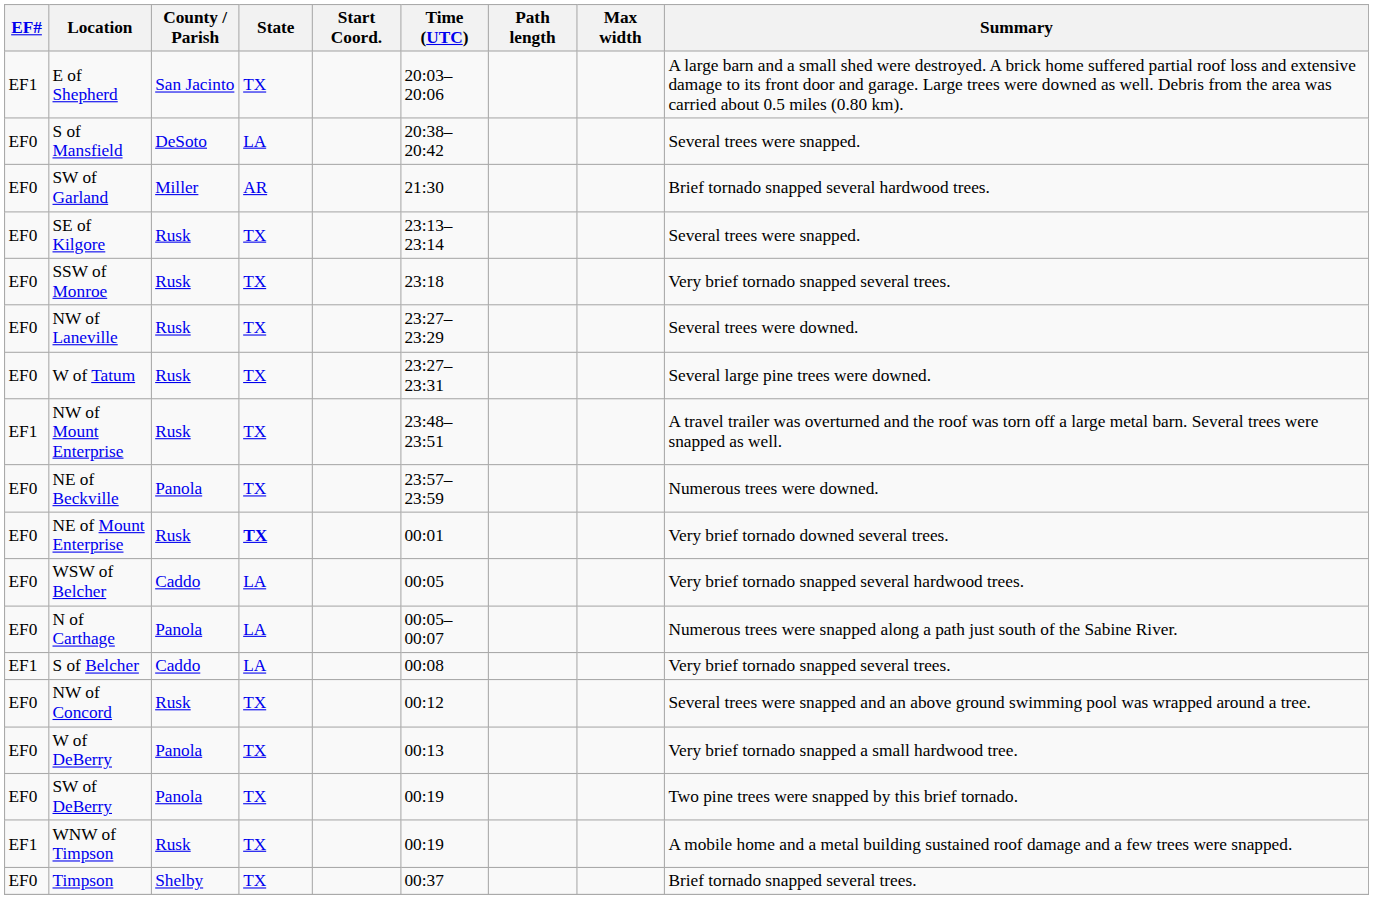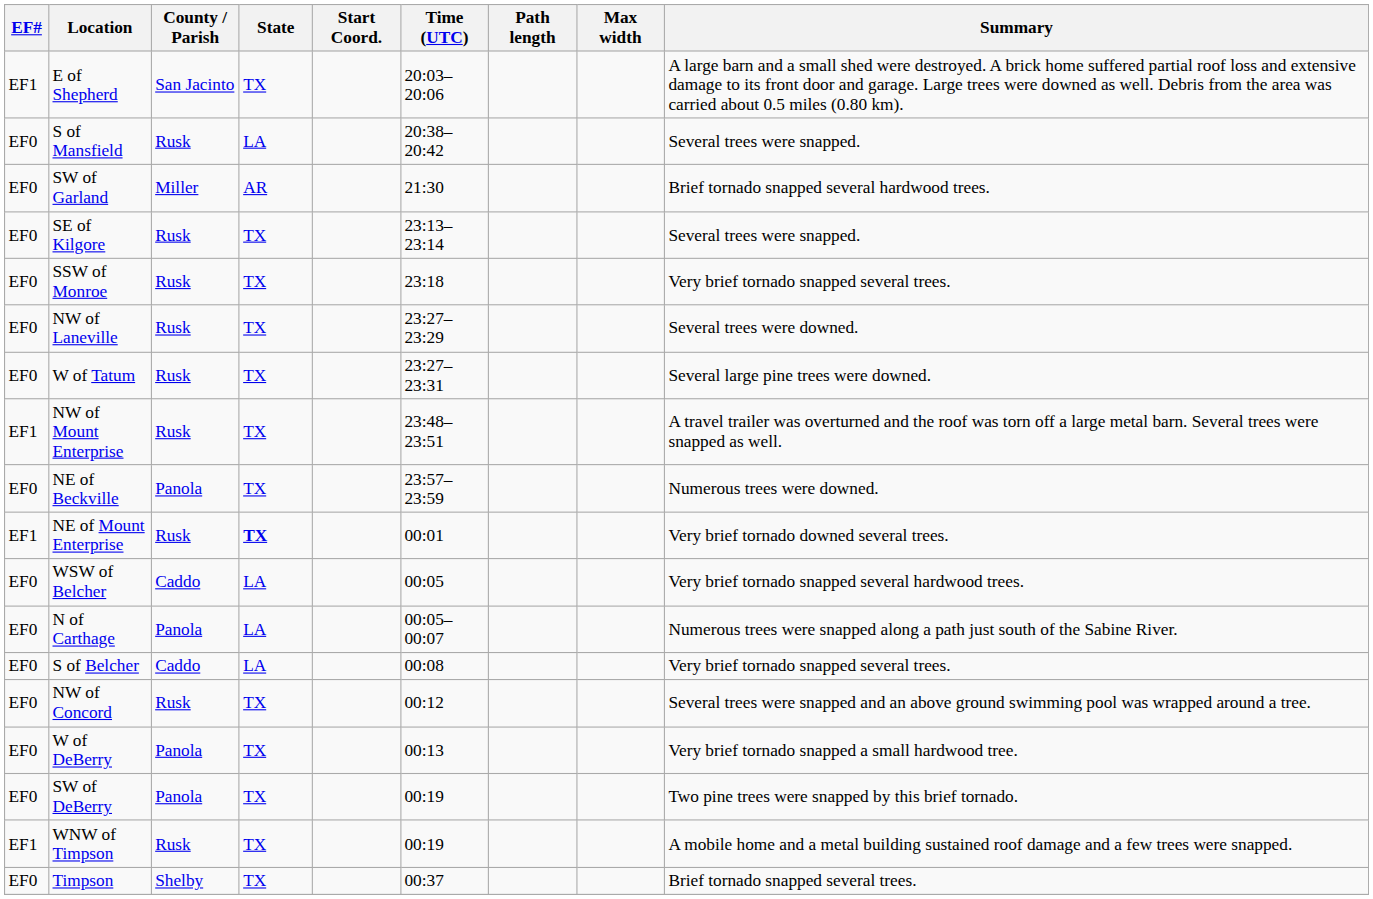 <table class="wikitable sortable" style="width:100%;">
 <tr>
 <th scope="col"  style="width:3%; text-align:center;"><a href='#'>EF#</a></th>
 <th scope="col"  style="width:7%; text-align:center;" class="unsortable">Location</th>
 <th scope="col"  style="width:6%; text-align:center;" class="unsortable">County / Parish</th>
 <th scope="col"  style="width:5%; text-align:center;">State</th>
 <th scope="col"  style="width:6%; text-align:center;">Start Coord.</th>
 <th scope="col"  style="width:6%; text-align:center;">Time (<a href='#'>UTC</a>)</th>
 <th scope="col"  style="width:6%; text-align:center;">Path length</th>
 <th scope="col"  style="width:6%; text-align:center;">Max width</th>
 <th scope="col" class="unsortable" style="width:48%; text-align:center;">Summary</th>
 </tr>
 <tr>
 <td>EF1</td>
 <td>E of <a href='#'>Shepherd</a></td>
 <td><a href='#'>San Jacinto</a></td>
 <td><a href='#'>TX</a></td>
 <td></td>
 <td>20:03–20:06</td>
 <td></td>
 <td></td>
 <td>A large barn and a small shed were destroyed. A brick home suffered partial roof loss and extensive damage to its front door and garage. Large trees were downed as well. Debris from the area was carried about 0.5 miles (0.80 km).</td>
 </tr>
 <tr>
 <td>EF0</td>
 <td>S of <a href='#'>Mansfield</a></td>
-<td><a href='#'>DeSoto</a></td>
+<td><a href='#'>Rusk</a></td>
 <td><a href='#'>LA</a></td>
 <td></td>
 <td>20:38–20:42</td>
 <td></td>
 <td></td>
 <td>Several trees were snapped.</td>
 </tr>
 <tr>
 <td>EF0</td>
 <td>SW of <a href='#'>Garland</a></td>
 <td><a href='#'>Miller</a></td>
 <td><a href='#'>AR</a></td>
 <td></td>
 <td>21:30</td>
 <td></td>
 <td></td>
 <td>Brief tornado snapped several hardwood trees.</td>
 </tr>
 <tr>
 <td>EF0</td>
 <td>SE of <a href='#'>Kilgore</a></td>
 <td><a href='#'>Rusk</a></td>
 <td><a href='#'>TX</a></td>
 <td></td>
 <td>23:13–23:14</td>
 <td></td>
 <td></td>
 <td>Several trees were snapped.</td>
 </tr>
 <tr>
 <td>EF0</td>
 <td>SSW of <a href='#'>Monroe</a></td>
 <td><a href='#'>Rusk</a></td>
 <td><a href='#'>TX</a></td>
 <td></td>
 <td>23:18</td>
 <td></td>
 <td></td>
 <td>Very brief tornado snapped several trees.</td>
 </tr>
 <tr>
 <td>EF0</td>
 <td>NW of <a href='#'>Laneville</a></td>
 <td><a href='#'>Rusk</a></td>
 <td><a href='#'>TX</a></td>
 <td></td>
 <td>23:27–23:29</td>
 <td></td>
 <td></td>
 <td>Several trees were downed.</td>
 </tr>
 <tr>
 <td>EF0</td>
 <td>W of <a href='#'>Tatum</a></td>
 <td><a href='#'>Rusk</a></td>
 <td><a href='#'>TX</a></td>
 <td></td>
 <td>23:27–23:31</td>
 <td></td>
 <td></td>
 <td>Several large pine trees were downed.</td>
 </tr>
 <tr>
 <td>EF1</td>
 <td>NW of <a href='#'>Mount Enterprise</a></td>
 <td><a href='#'>Rusk</a></td>
 <td><a href='#'>TX</a></td>
 <td></td>
 <td>23:48–23:51</td>
 <td></td>
 <td></td>
 <td>A travel trailer was overturned and the roof was torn off a large metal barn. Several trees were snapped as well.</td>
 </tr>
 <tr>
 <td>EF0</td>
 <td>NE of <a href='#'>Beckville</a></td>
 <td><a href='#'>Panola</a></td>
 <td><a href='#'>TX</a></td>
 <td></td>
 <td>23:57–23:59</td>
 <td></td>
 <td></td>
 <td>Numerous trees were downed.</td>
 </tr>
 <tr>
-<td>EF0</td>
+<td>EF1</td>
 <td>NE of <a href='#'>Mount Enterprise</a></td>
 <td><a href='#'>Rusk</a></td>
 <td><strong><a href='#'>TX</a></strong></td>
 <td></td>
 <td>00:01</td>
 <td></td>
 <td></td>
 <td>Very brief tornado downed several trees.</td>
 </tr>
 <tr>
 <td>EF0</td>
 <td>WSW of <a href='#'>Belcher</a></td>
 <td><a href='#'>Caddo</a></td>
 <td><a href='#'>LA</a></td>
 <td></td>
 <td>00:05</td>
 <td></td>
 <td></td>
 <td>Very brief tornado snapped several hardwood trees.</td>
 </tr>
 <tr>
 <td>EF0</td>
 <td>N of <a href='#'>Carthage</a></td>
 <td><a href='#'>Panola</a></td>
 <td><a href='#'>LA</a></td>
 <td></td>
 <td>00:05–00:07</td>
 <td></td>
 <td></td>
 <td>Numerous trees were snapped along a path just south of the Sabine River.</td>
 </tr>
 <tr>
-<td>EF1</td>
+<td>EF0</td>
 <td>S of <a href='#'>Belcher</a></td>
 <td><a href='#'>Caddo</a></td>
 <td><a href='#'>LA</a></td>
 <td></td>
 <td>00:08</td>
 <td></td>
 <td></td>
 <td>Very brief tornado snapped several trees.</td>
 </tr>
 <tr>
 <td>EF0</td>
 <td>NW of <a href='#'>Concord</a></td>
 <td><a href='#'>Rusk</a></td>
 <td><a href='#'>TX</a></td>
 <td></td>
 <td>00:12</td>
 <td></td>
 <td></td>
 <td>Several trees were snapped and an above ground swimming pool was wrapped around a tree.</td>
 </tr>
 <tr>
 <td>EF0</td>
 <td>W of <a href='#'>DeBerry</a></td>
 <td><a href='#'>Panola</a></td>
 <td><a href='#'>TX</a></td>
 <td></td>
 <td>00:13</td>
 <td></td>
 <td></td>
 <td>Very brief tornado snapped a small hardwood tree.</td>
 </tr>
 <tr>
 <td>EF0</td>
 <td>SW of <a href='#'>DeBerry</a></td>
 <td><a href='#'>Panola</a></td>
 <td><a href='#'>TX</a></td>
 <td></td>
 <td>00:19</td>
 <td></td>
 <td></td>
 <td>Two pine trees were snapped by this brief tornado.</td>
 </tr>
 <tr>
 <td>EF1</td>
 <td>WNW of <a href='#'>Timpson</a></td>
 <td><a href='#'>Rusk</a></td>
 <td><a href='#'>TX</a></td>
 <td></td>
 <td>00:19</td>
 <td></td>
 <td></td>
 <td>A mobile home and a metal building sustained roof damage and a few trees were snapped.</td>
 </tr>
 <tr>
 <td>EF0</td>
 <td><a href='#'>Timpson</a></td>
 <td><a href='#'>Shelby</a></td>
 <td><a href='#'>TX</a></td>
 <td></td>
 <td>00:37</td>
 <td></td>
 <td></td>
 <td>Brief tornado snapped several trees.</td>
 </tr>
 <tr>
 </tr>
 </table>
